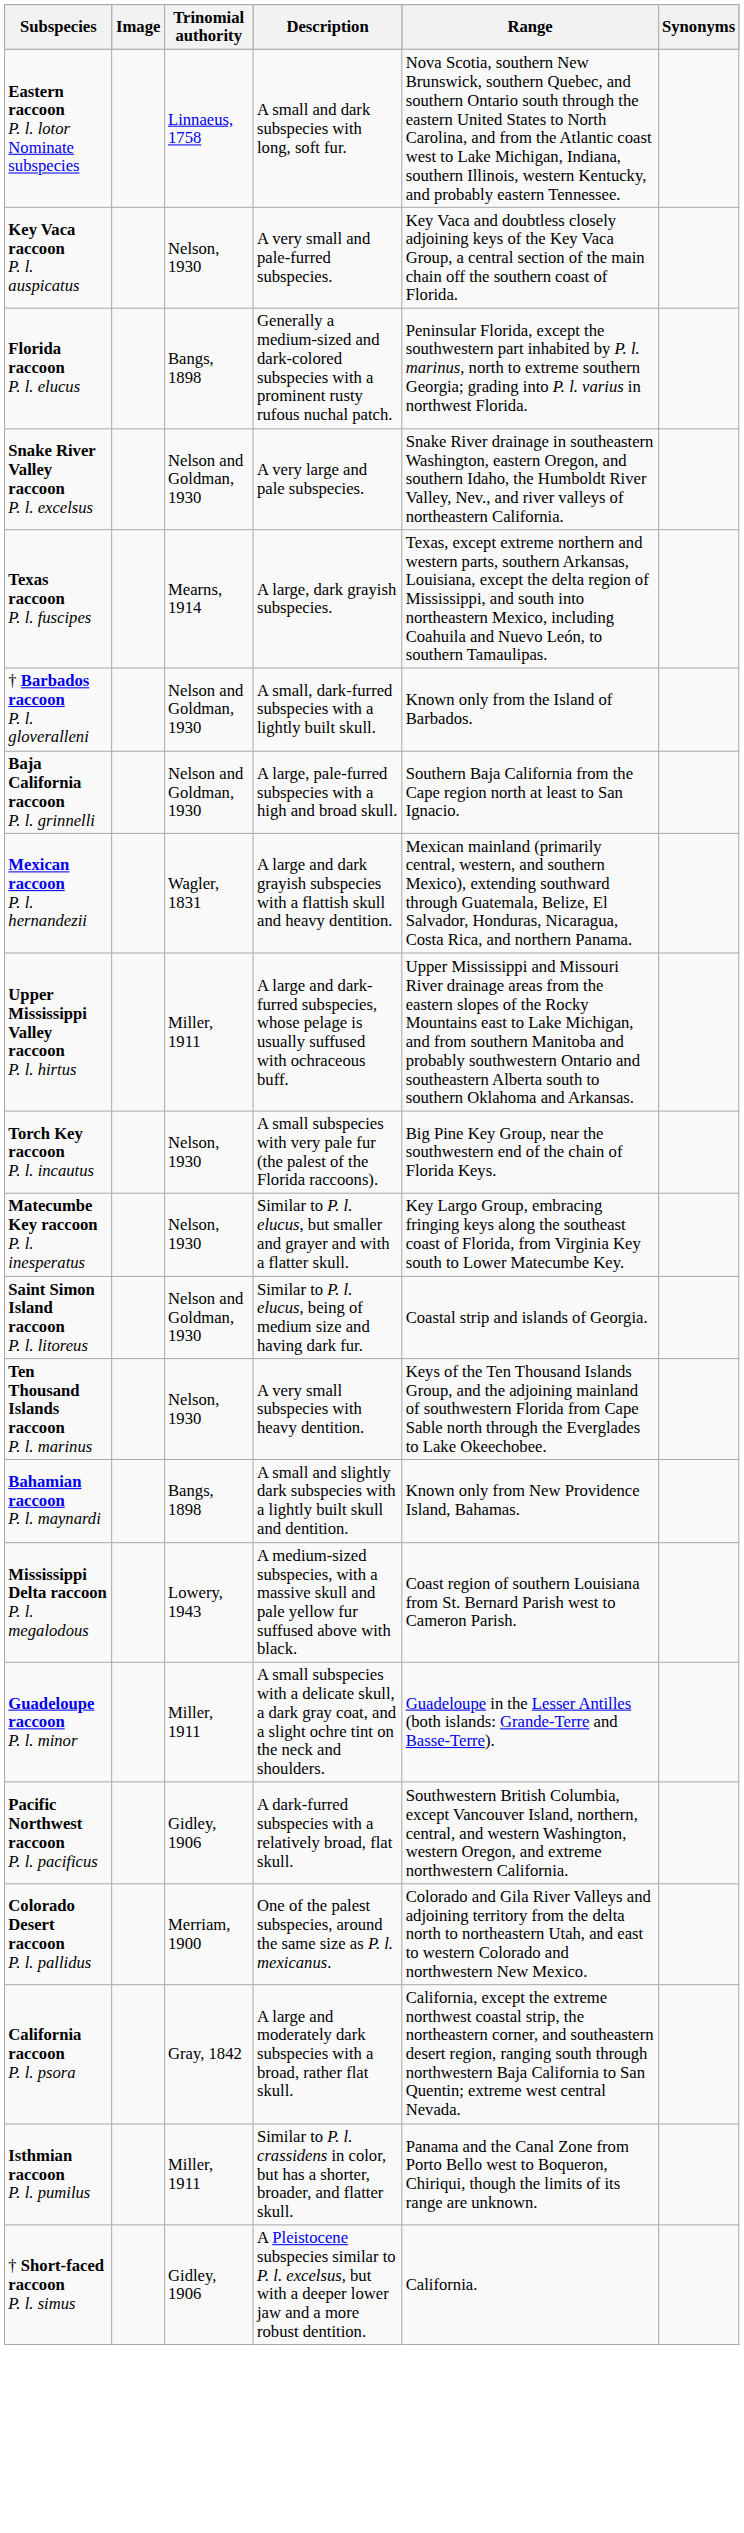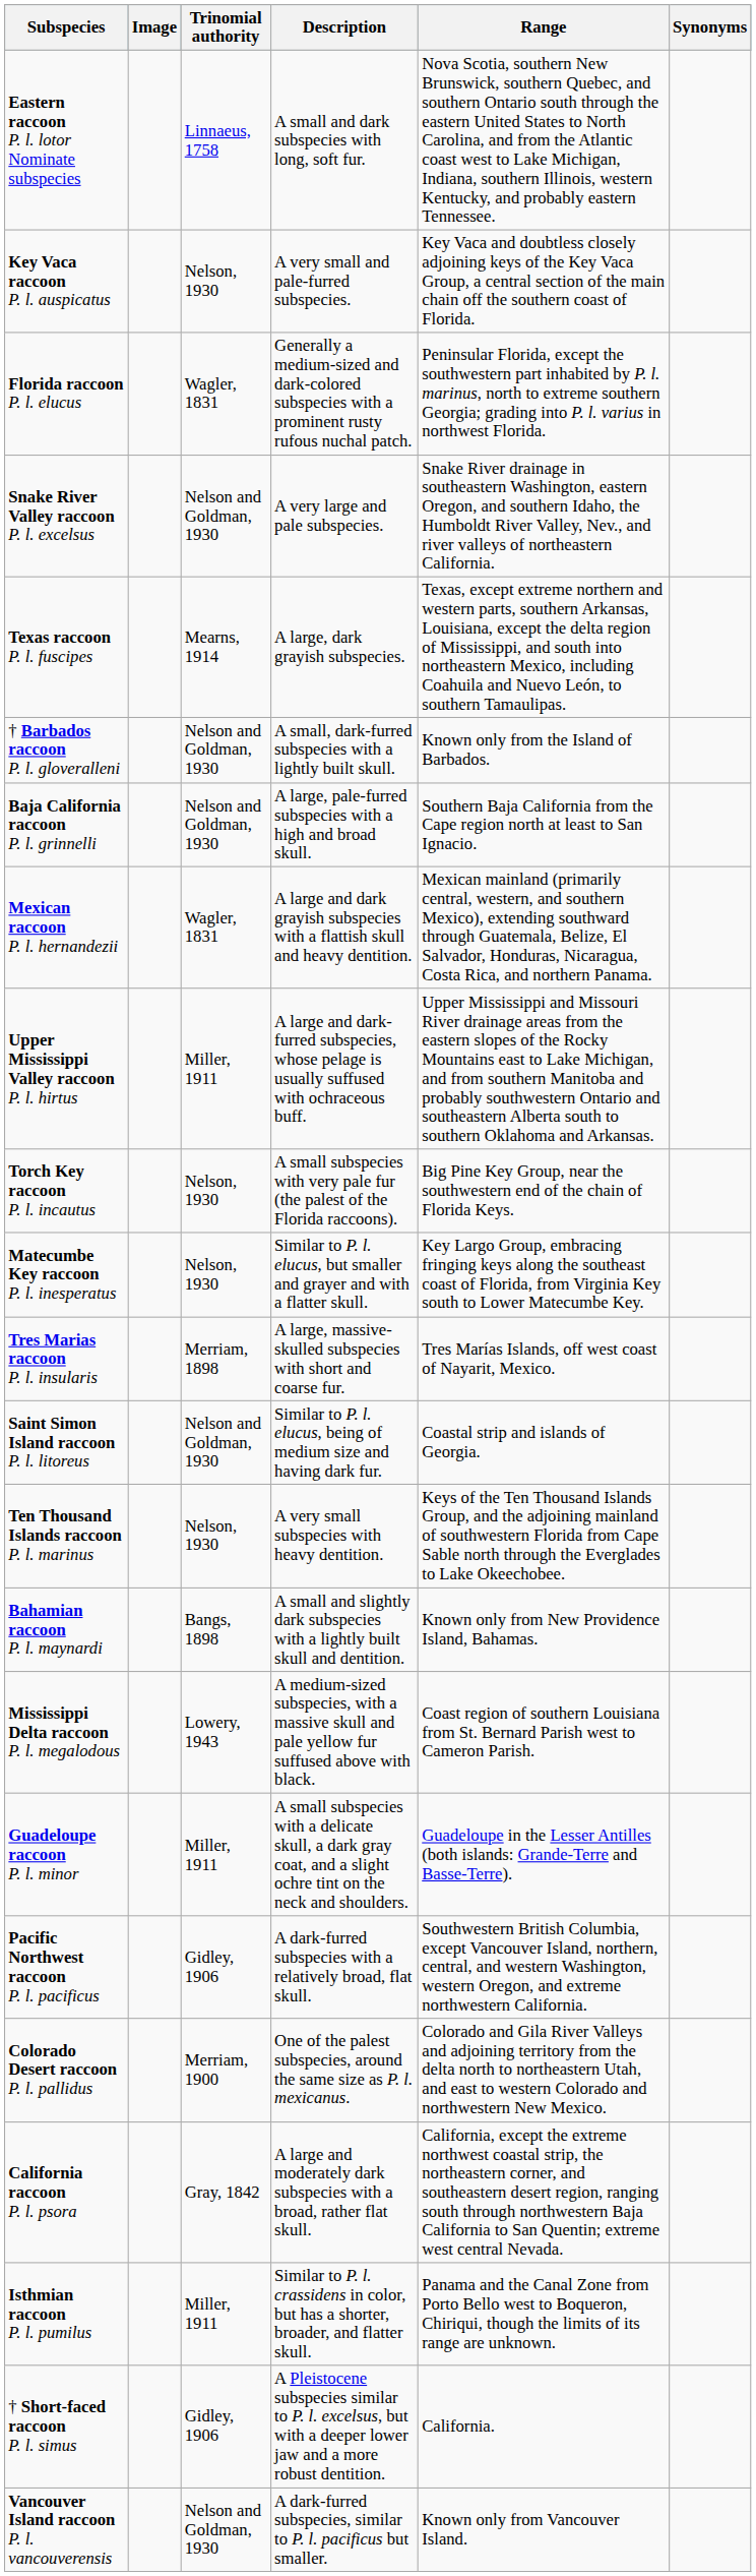 <table class="wikitable collapsed" style="width:80%;">
 <tr style="background:#115a6c;">
 <th>Subspecies</th>
 <th>Image</th>
 <th>Trinomial authority</th>
 <th>Description</th>
 <th>Range</th>
 <th>Synonyms</th>
 </tr>
 <tr>
 <td><strong>Eastern raccoon</strong><br><em>P. l. lotor</em><br><a href='#'>Nominate subspecies</a></td>
 <td></td>
 <td><a href='#'>Linnaeus, 1758</a></td>
 <td>A small and dark subspecies with long, soft fur.</td>
 <td>Nova Scotia, southern New Brunswick, southern Quebec, and southern Ontario south through the eastern United States to North Carolina, and from the Atlantic coast west to Lake Michigan, Indiana, southern Illinois, western Kentucky, and probably eastern Tennessee.</td>
 <td><br><br><br> <br> <br> <br> <br> <br> </td>
 </tr>
 <tr>
 <td><strong>Key Vaca raccoon</strong><br><em>P. l. auspicatus</em></td>
 <td></td>
 <td>Nelson, 1930</td>
 <td>A very small and pale-furred subspecies.</td>
 <td>Key Vaca and doubtless closely adjoining keys of the Key Vaca Group, a central section of the main chain off the southern coast of Florida.</td>
 <td></td>
 </tr>
 <tr>
 <td><strong>Florida raccoon</strong><br><em>P. l. elucus</em></td>
 <td></td>
-<td>Bangs, 1898</td>
+<td>Wagler, 1831</td>
 <td>Generally a medium-sized and dark-colored subspecies with a prominent rusty rufous nuchal patch.</td>
 <td>Peninsular Florida, except the southwestern part inhabited by <em>P. l. marinus</em>, north to extreme southern Georgia; grading into <em>P. l. varius</em> in northwest Florida.</td>
 <td></td>
 </tr>
 <tr>
 <td><strong>Snake River Valley raccoon</strong><br><em>P. l. excelsus</em></td>
 <td></td>
 <td>Nelson and Goldman, 1930</td>
 <td>A very large and pale subspecies.</td>
 <td>Snake River drainage in southeastern Washington, eastern Oregon, and southern Idaho, the Humboldt River Valley, Nev., and river valleys of northeastern California.</td>
 <td></td>
 </tr>
 <tr>
 <td><strong>Texas raccoon</strong><br><em>P. l. fuscipes</em></td>
 <td></td>
 <td>Mearns, 1914</td>
 <td>A large, dark grayish subspecies.</td>
 <td>Texas, except extreme northern and western parts, southern Arkansas, Louisiana, except the delta region of Mississippi, and south into northeastern Mexico, including Coahuila and Nuevo León, to southern Tamaulipas.</td>
 <td></td>
 </tr>
 <tr>
 <td>† <strong><a href='#'>Barbados raccoon</a></strong><br><em>P. l. gloveralleni</em></td>
 <td></td>
 <td>Nelson and Goldman, 1930</td>
 <td>A small, dark-furred subspecies with a lightly built skull.</td>
 <td>Known only from the Island of Barbados.</td>
 <td></td>
 </tr>
 <tr>
 <td><strong>Baja California raccoon</strong><br><em>P. l. grinnelli</em></td>
 <td></td>
 <td>Nelson and Goldman, 1930</td>
 <td>A large, pale-furred subspecies with a high and broad skull.</td>
 <td>Southern Baja California from the Cape region north at least to San Ignacio.</td>
 <td></td>
 </tr>
 <tr>
 <td><strong><a href='#'>Mexican raccoon</a></strong><br><em>P. l. hernandezii</em></td>
 <td></td>
 <td>Wagler, 1831</td>
 <td>A large and dark grayish subspecies with a flattish skull and heavy dentition.</td>
 <td>Mexican mainland (primarily central, western, and southern Mexico), extending southward through Guatemala, Belize, El Salvador, Honduras, Nicaragua, Costa Rica, and northern Panama.</td>
 <td><br><br><br> <br> </td>
 </tr>
 <tr>
 <td><strong>Upper Mississippi Valley raccoon</strong><br><em>P. l. hirtus</em></td>
 <td></td>
 <td>Miller, 1911</td>
 <td>A large and dark-furred subspecies, whose pelage is usually suffused with ochraceous buff.</td>
 <td>Upper Mississippi and Missouri River drainage areas from the eastern slopes of the Rocky Mountains east to Lake Michigan, and from southern Manitoba and probably southwestern Ontario and southeastern Alberta south to southern Oklahoma and Arkansas.</td>
 <td></td>
 </tr>
 <tr>
 <td><strong>Torch Key raccoon</strong><br><em>P. l. incautus</em></td>
 <td></td>
 <td>Nelson, 1930</td>
 <td>A small subspecies with very pale fur (the palest of the Florida raccoons).</td>
 <td>Big Pine Key Group, near the southwestern end of the chain of Florida Keys.</td>
 <td></td>
 </tr>
 <tr>
 <td><strong>Matecumbe Key raccoon</strong><br><em>P. l. inesperatus</em></td>
 <td></td>
 <td>Nelson, 1930</td>
 <td>Similar to <em>P. l. elucus</em>, but smaller and grayer and with a flatter skull.</td>
 <td>Key Largo Group, embracing fringing keys along the southeast coast of Florida, from Virginia Key south to Lower Matecumbe Key.</td>
+<td></td>
+</tr>
+<tr>
+<td><strong><a href='#'>Tres Marias raccoon</a></strong><br><em>P. l. insularis</em></td>
+<td></td>
+<td>Merriam, 1898</td>
+<td>A large, massive-skulled subspecies with short and coarse fur.</td>
+<td>Tres Marías Islands, off west coast of Nayarit, Mexico.</td>
 <td></td>
 </tr>
 <tr>
 <td><strong>Saint Simon Island raccoon</strong><br><em>P. l. litoreus</em></td>
 <td></td>
 <td>Nelson and Goldman, 1930</td>
 <td>Similar to <em>P. l. elucus</em>, being of medium size and having dark fur.</td>
 <td>Coastal strip and islands of Georgia.</td>
 <td></td>
 </tr>
 <tr>
 <td><strong>Ten Thousand Islands raccoon</strong><br><em>P. l. marinus</em></td>
 <td></td>
 <td>Nelson, 1930</td>
 <td>A very small subspecies with heavy dentition.</td>
 <td>Keys of the Ten Thousand Islands Group, and the adjoining mainland of southwestern Florida from Cape Sable north through the Everglades to Lake Okeechobee.</td>
 <td></td>
 </tr>
 <tr>
 <td><strong><a href='#'>Bahamian raccoon</a></strong><br><em>P. l. maynardi</em></td>
 <td></td>
 <td>Bangs, 1898</td>
 <td>A small and slightly dark subspecies with a lightly built skull and dentition.</td>
 <td>Known only from New Providence Island, Bahamas.</td>
 <td><br><br><br> </td>
 </tr>
 <tr>
 <td><strong>Mississippi Delta raccoon</strong><br><em>P. l. megalodous</em></td>
 <td></td>
 <td>Lowery, 1943</td>
 <td>A medium-sized subspecies, with a massive skull and pale yellow fur suffused above with black.</td>
 <td>Coast region of southern Louisiana from St. Bernard Parish west to Cameron Parish.</td>
 <td></td>
 </tr>
 <tr>
 <td><strong><a href='#'>Guadeloupe raccoon</a></strong><br><em>P. l. minor</em></td>
 <td></td>
 <td>Miller, 1911</td>
 <td>A small subspecies with a delicate skull, a dark gray coat, and a slight ochre tint on the neck and shoulders.</td>
 <td><a href='#'>Guadeloupe</a> in the <a href='#'>Lesser Antilles</a> (both islands: <a href='#'>Grande-Terre</a> and <a href='#'>Basse-Terre</a>).</td>
 <td></td>
 </tr>
 <tr>
 <td><strong>Pacific Northwest raccoon</strong><br><em>P. l. pacificus</em></td>
 <td></td>
 <td>Gidley, 1906</td>
 <td>A dark-furred subspecies with a relatively broad, flat skull.</td>
 <td>Southwestern British Columbia, except Vancouver Island, northern, central, and western Washington, western Oregon, and extreme northwestern California.</td>
 <td></td>
 </tr>
 <tr>
 <td><strong>Colorado Desert raccoon</strong><br><em>P. l. pallidus</em></td>
 <td></td>
 <td>Merriam, 1900</td>
 <td>One of the palest subspecies, around the same size as <em>P. l. mexicanus</em>.</td>
 <td>Colorado and Gila River Valleys and adjoining territory from the delta north to northeastern Utah, and east to western Colorado and northwestern New Mexico.</td>
 <td></td>
 </tr>
 <tr>
 <td><strong>California raccoon</strong><br><em>P. l. psora</em></td>
 <td></td>
 <td>Gray, 1842</td>
 <td>A large and moderately dark subspecies with a broad, rather flat skull.</td>
 <td>California, except the extreme northwest coastal strip, the northeastern corner, and southeastern desert region, ranging south through northwestern Baja California to San Quentin; extreme west central Nevada.</td>
 <td></td>
 </tr>
 <tr>
 <td><strong>Isthmian raccoon</strong><br><em>P. l. pumilus</em></td>
 <td></td>
 <td>Miller, 1911</td>
 <td>Similar to <em>P. l. crassidens</em> in color, but has a shorter, broader, and flatter skull.</td>
 <td>Panama and the Canal Zone from Porto Bello west to Boqueron, Chiriqui, though the limits of its range are unknown.</td>
 <td></td>
 </tr>
 <tr>
 <td>† <strong>Short-faced raccoon</strong><br><em>P. l. simus</em></td>
 <td></td>
 <td>Gidley, 1906</td>
 <td>A <a href='#'>Pleistocene</a> subspecies similar to <em>P. l. excelsus</em>, but with a deeper lower jaw and a more robust dentition.</td>
 <td>California.</td>
 <td></td>
 </tr>
 <tr>
+<td><strong>Vancouver Island raccoon</strong><br><em>P. l. vancouverensis</em></td>
+<td></td>
+<td>Nelson and Goldman, 1930</td>
+<td>A dark-furred subspecies, similar to <em>P. l. pacificus</em> but smaller.</td>
+<td>Known only from Vancouver Island.</td>
+<td></td>
+</tr>
+<tr>
 </tr>
 </table>
